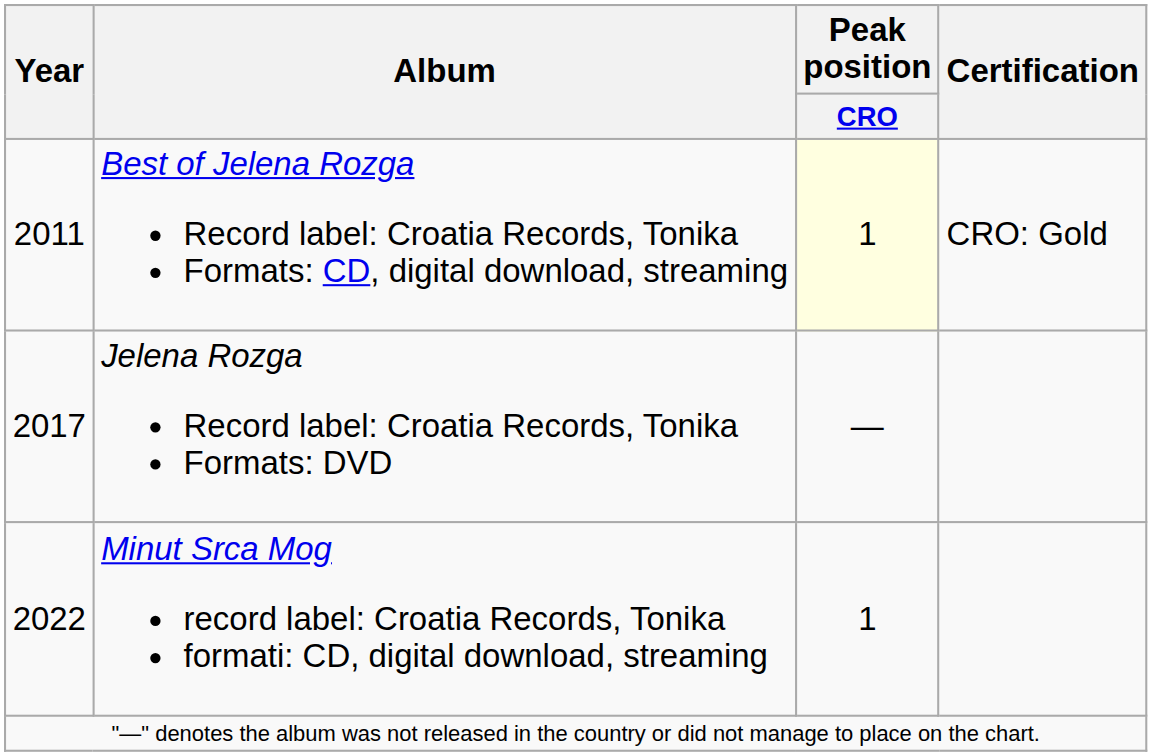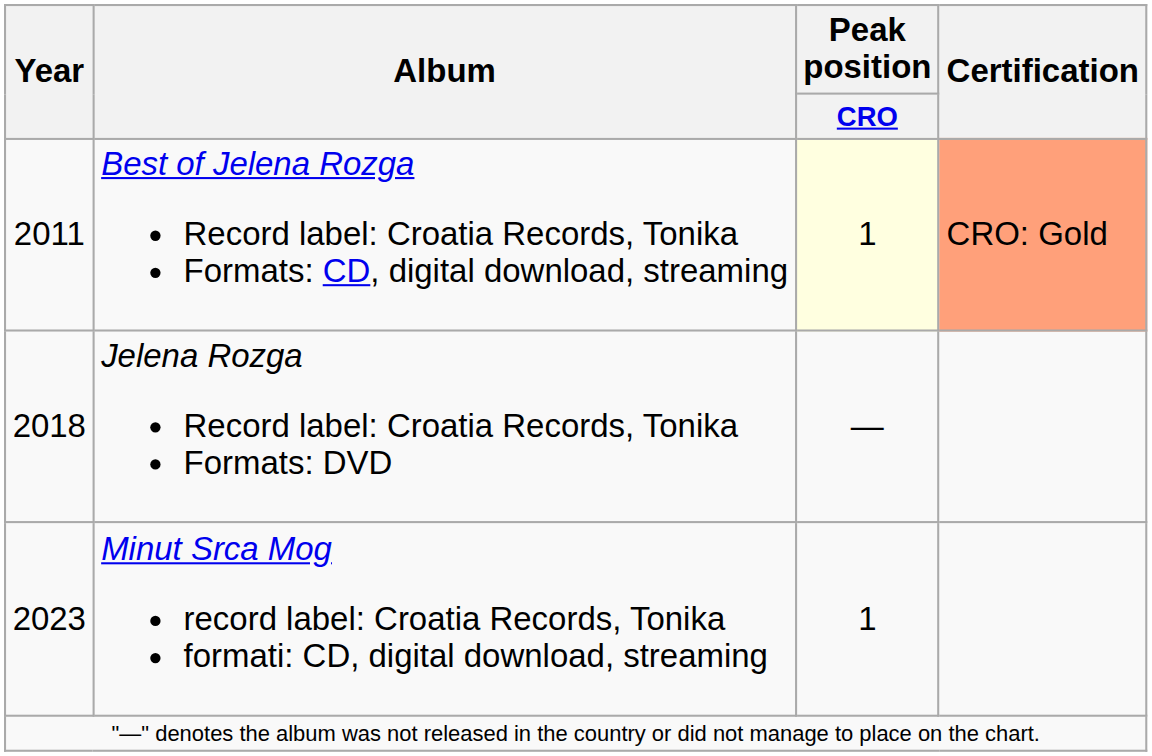 <table class="wikitable">
 <tr>
 <th width="33" rowspan="2" style="text-align:center;">Year</th>
 <th rowspan="2">Album</th>
 <th colspan="1">Peak position</th>
 <th rowspan="2">Certification</th>
 </tr>
 <tr style="font-size:smaller;">
 <th width="25"><a href='#'>CRO</a></th>
 </tr>
 <tr>
 <td rowspan="1" align="center">2011</td>
 <td rowspan="1"><em><a href='#'>Best of Jelena Rozga</a></em><br><ul><li>Record label: Croatia Records, Tonika</li><li>Formats: <a href='#'>CD</a>, digital download, streaming</li></ul></td>
 <td align="center" style="background: lightyellow;">1</td>
-<td>CRO: Gold</td>
+<td style="background: lightsalmon;">CRO: Gold</td>
 </tr>
 <tr>
-<td rowspan="1" align="center">2017</td>
+<td rowspan="1" align="center">2018</td>
 <td rowspan="1"><em>Jelena Rozga</em><br><ul><li>Record label: Croatia Records, Tonika</li><li>Formats: DVD</li></ul></td>
 <td align="center">—</td>
 <td></td>
 </tr>
 <tr>
-<td rowspan="1" align="center">2022</td>
+<td rowspan="1" align="center">2023</td>
 <td rowspan="1"><em><a href='#'>Minut Srca Mog</a></em><br><ul><li>record label: Croatia Records, Tonika</li><li>formati: CD, digital download, streaming</li></ul></td>
 <td align="center">1</td>
 <td></td>
 </tr>
 <tr>
 <td align="center" colspan="6" style="font-size: 8pt">"—" denotes the album was not released in the country or did not manage to place on the chart.</td>
 </tr>
 </table>
